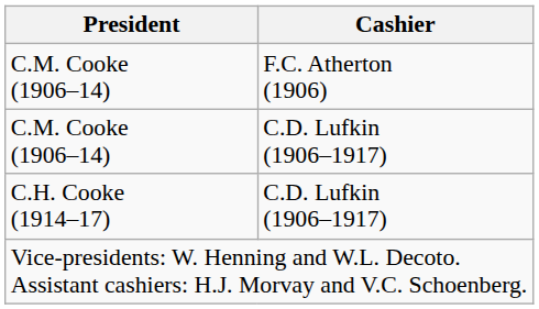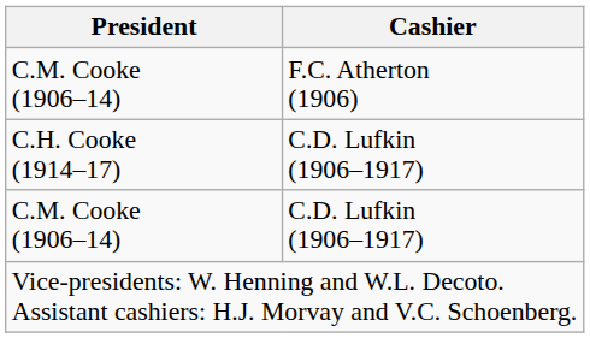 <table class="wikitable" style="display:inline-table;">
 <tr>
 <th scope="col">President</th>
 <th scope="col">Cashier</th>
 </tr>
 <tr>
 <td scope="row">C.M. Cooke<br>(1906–14)</td>
 <td>F.C. Atherton<br>(1906)</td>
 </tr>
 <tr>
-<td scope="row">C.M. Cooke<br>(1906–14)</td>
+<td scope="row">C.H. Cooke<br>(1914–17)</td>
 <td>C.D. Lufkin<br>(1906–1917)</td>
 </tr>
 <tr>
-<td scope="row">C.H. Cooke<br>(1914–17)</td>
+<td scope="row">C.M. Cooke<br>(1906–14)</td>
 <td>C.D. Lufkin<br>(1906–1917)</td>
 </tr>
 <tr>
 <td colspan="2">Vice-presidents: W. Henning and W.L. Decoto. <br>Assistant cashiers: H.J. Morvay and V.C. Schoenberg.</td>
 </tr>
 </table>
